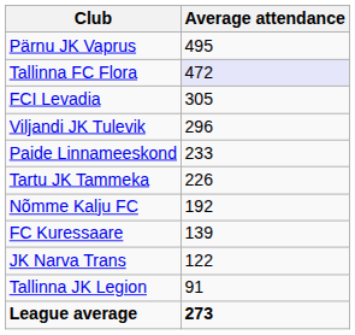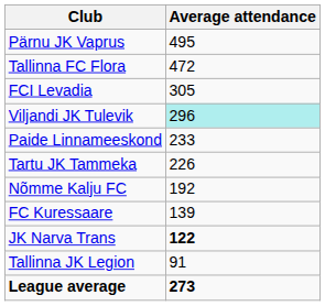 <table class="wikitable sortable">
 <tr>
 <th>Club</th>
 <th>Average attendance</th>
 </tr>
 <tr>
 <td><a href='#'>Pärnu JK Vaprus</a></td>
 <td>495</td>
 </tr>
 <tr>
 <td><a href='#'>Tallinna FC Flora</a></td>
-<td style="background: lavender;">472</td>
+<td>472</td>
 </tr>
 <tr>
 <td><a href='#'>FCI Levadia</a></td>
 <td>305</td>
 </tr>
 <tr>
 <td><a href='#'>Viljandi JK Tulevik</a></td>
-<td>296</td>
+<td style="background: paleturquoise;">296</td>
 </tr>
 <tr>
 <td><a href='#'>Paide Linnameeskond</a></td>
 <td>233</td>
 </tr>
 <tr>
 <td><a href='#'>Tartu JK Tammeka</a></td>
 <td>226</td>
 </tr>
 <tr>
 <td><a href='#'>Nõmme Kalju FC</a></td>
 <td>192</td>
 </tr>
 <tr>
 <td><a href='#'>FC Kuressaare</a></td>
 <td>139</td>
 </tr>
 <tr>
 <td><a href='#'>JK Narva Trans</a></td>
-<td>122</td>
+<td><strong>122</strong></td>
 </tr>
 <tr>
 <td><a href='#'>Tallinna JK Legion</a></td>
 <td>91</td>
 </tr>
 <tr>
 <td><strong>League average</strong></td>
 <td><strong>273</strong></td>
 </tr>
 </table>
